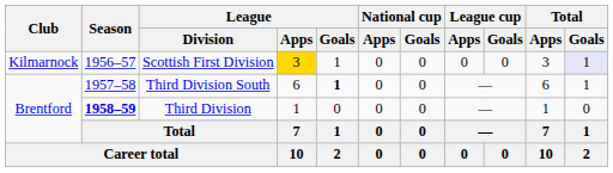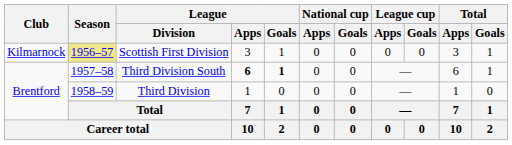 <table class="wikitable" style="text-align: center;">
 <tr>
 <th rowspan="2">Club</th>
 <th rowspan="2">Season</th>
 <th colspan="3">League</th>
 <th colspan="2">National cup</th>
 <th colspan="2">League cup</th>
 <th colspan="2">Total</th>
 </tr>
 <tr>
 <th>Division</th>
 <th>Apps</th>
 <th>Goals</th>
 <th>Apps</th>
 <th>Goals</th>
 <th>Apps</th>
 <th>Goals</th>
 <th>Apps</th>
 <th>Goals</th>
 </tr>
 <tr>
 <td><a href='#'>Kilmarnock</a></td>
-<td><a href='#'>1956–57</a></td>
+<td style="background: khaki;"><a href='#'>1956–57</a></td>
 <td><a href='#'>Scottish First Division</a></td>
-<td style="background: gold;">3</td>
+<td>3</td>
 <td>1</td>
 <td>0</td>
 <td>0</td>
 <td>0</td>
 <td>0</td>
 <td>3</td>
-<td style="background: lavender;">1</td>
+<td>1</td>
 </tr>
 <tr>
 <td rowspan="3"><a href='#'>Brentford</a></td>
 <td><a href='#'>1957–58</a></td>
 <td><a href='#'>Third Division South</a></td>
-<td>6</td>
+<td><strong>6</strong></td>
 <td><strong>1</strong></td>
 <td>0</td>
 <td>0</td>
 <td colspan="2">—</td>
 <td>6</td>
 <td>1</td>
 </tr>
 <tr>
-<td><strong><a href='#'>1958–59</a></strong></td>
+<td><a href='#'>1958–59</a></td>
 <td><a href='#'>Third Division</a></td>
 <td>1</td>
 <td>0</td>
 <td>0</td>
 <td>0</td>
 <td colspan="2">—</td>
 <td>1</td>
 <td>0</td>
 </tr>
 <tr>
 <th colspan="2">Total</th>
 <th>7</th>
 <th>1</th>
 <th>0</th>
 <th>0</th>
 <th colspan="2">—</th>
 <th>7</th>
 <th>1</th>
 </tr>
 <tr>
 <th colspan="3">Career total</th>
 <th>10</th>
 <th>2</th>
 <th>0</th>
 <th>0</th>
 <th>0</th>
 <th>0</th>
 <th>10</th>
 <th>2</th>
 </tr>
 </table>
